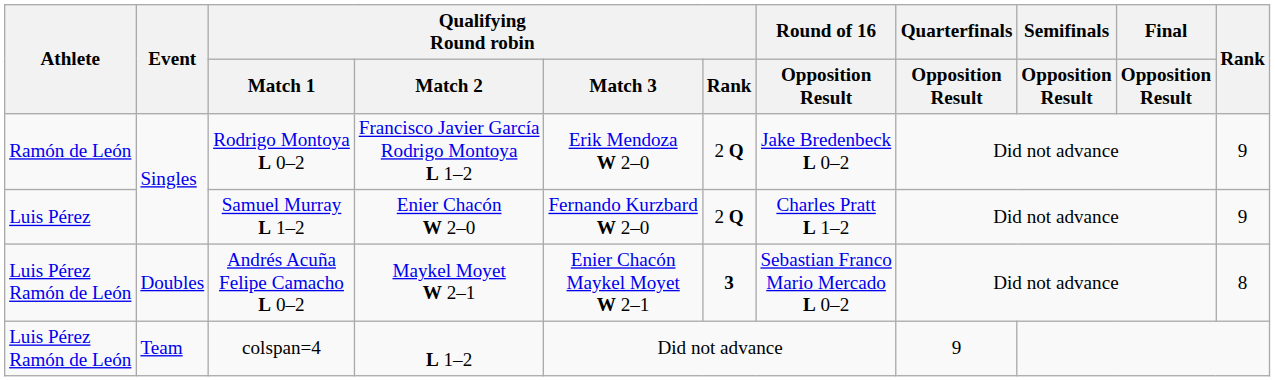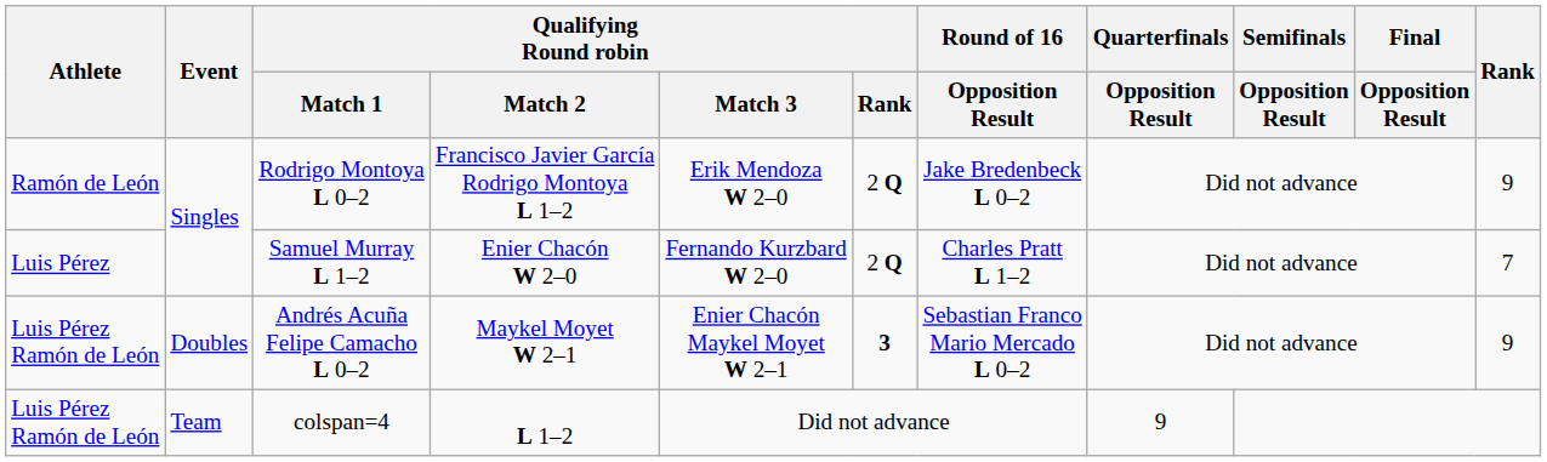 <table class="wikitable" style="font-size:90%">
 <tr>
 <th rowspan="2">Athlete</th>
 <th rowspan="2">Event</th>
 <th colspan="4">Qualifying<br>Round robin</th>
 <th>Round of 16</th>
 <th>Quarterfinals</th>
 <th>Semifinals</th>
 <th>Final</th>
 <th rowspan="2">Rank</th>
 </tr>
 <tr>
 <th>Match 1</th>
 <th>Match 2</th>
 <th>Match 3</th>
 <th>Rank</th>
 <th>Opposition<br>Result</th>
 <th>Opposition<br>Result</th>
 <th>Opposition<br>Result</th>
 <th>Opposition<br>Result</th>
 </tr>
 <tr align=center>
 <td align=left><a href='#'>Ramón de León</a></td>
 <td rowspan=2 align=left><a href='#'>Singles</a></td>
 <td align=center> <a href='#'>Rodrigo Montoya</a><br><strong>L</strong> 0–2</td>
 <td align=center> <a href='#'>Francisco Javier García</a><br><a href='#'>Rodrigo Montoya</a><br><strong>L</strong> 1–2</td>
 <td align=center> <a href='#'>Erik Mendoza</a><br><strong>W</strong> 2–0</td>
 <td>2 <strong>Q</strong></td>
 <td align=center> <a href='#'>Jake Bredenbeck</a><br><strong>L</strong> 0–2</td>
 <td colspan=3>Did not advance</td>
 <td>9</td>
 </tr>
 <tr align=center>
 <td align=left><a href='#'>Luis Pérez</a></td>
 <td align=center> <a href='#'>Samuel Murray</a><br><strong>L</strong> 1–2</td>
 <td align=center> <a href='#'>Enier Chacón</a><br><strong>W</strong> 2–0</td>
 <td align=center> <a href='#'>Fernando Kurzbard</a><br><strong>W</strong> 2–0</td>
 <td>2 <strong>Q</strong></td>
 <td align=center> <a href='#'>Charles Pratt</a><br><strong>L</strong> 1–2</td>
 <td colspan=3>Did not advance</td>
-<td>9</td>
+<td>7</td>
 </tr>
 <tr align=center>
 <td align=left><a href='#'>Luis Pérez</a><br><a href='#'>Ramón de León</a></td>
 <td align=left><a href='#'>Doubles</a></td>
 <td align=center> <a href='#'>Andrés Acuña</a><br><a href='#'>Felipe Camacho</a><br><strong>L</strong> 0–2</td>
 <td align=center> <a href='#'>Maykel Moyet</a><br><strong>W</strong> 2–1</td>
 <td align=center> <a href='#'>Enier Chacón</a><br><a href='#'>Maykel Moyet</a><br><strong>W</strong> 2–1</td>
 <td><strong>3</strong></td>
 <td align=center> <a href='#'>Sebastian Franco</a><br><a href='#'>Mario Mercado</a><br><strong>L</strong> 0–2</td>
 <td colspan=3>Did not advance</td>
-<td>8</td>
+<td>9</td>
 </tr>
 <tr align=center>
 <td align=left><a href='#'>Luis Pérez</a><br><a href='#'>Ramón de León</a></td>
 <td align=left><a href='#'>Team</a></td>
 <td>colspan=4 </td>
 <td align=center><br><strong>L</strong> 1–2</td>
 <td colspan=3>Did not advance</td>
 <td>9</td>
 </tr>
 </table>
